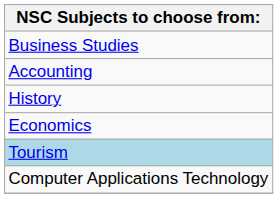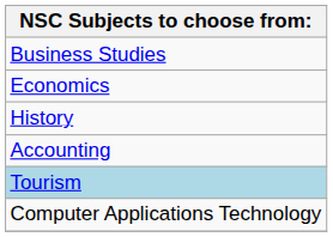 <table class="wikitable collapsible collapsed" border="0">
 <tr>
 <th>NSC Subjects to choose from:</th>
 </tr>
 <tr>
 <td><a href='#'>Business Studies</a></td>
 </tr>
 <tr>
-<td><a href='#'>Accounting</a></td>
+<td><a href='#'>Economics</a></td>
 </tr>
 <tr>
 <td><a href='#'>History</a></td>
 </tr>
 <tr>
-<td><a href='#'>Economics</a></td>
+<td><a href='#'>Accounting</a></td>
 </tr>
 <tr>
 <td style="background: lightblue;"><a href='#'>Tourism</a></td>
 </tr>
 <tr>
 <td>Computer Applications Technology</td>
 </tr>
 <tr>
 </tr>
 </table>
